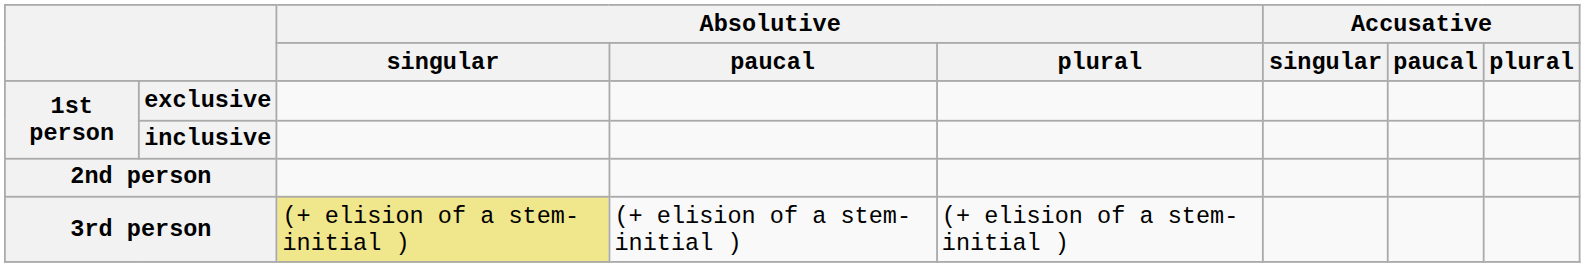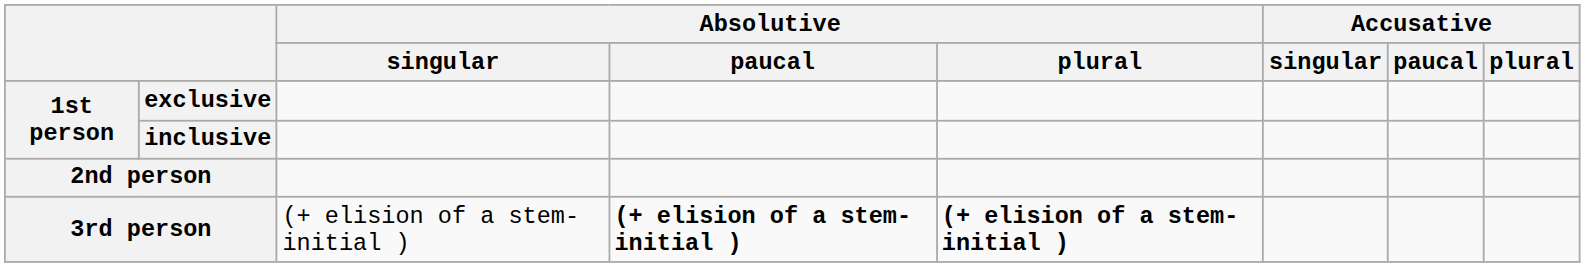 <table class="wikitable">
 <tr>
 <th rowspan="2" colspan="2"></th>
 <th colspan="3">Absolutive</th>
 <th colspan="3">Accusative</th>
 </tr>
 <tr>
 <th>singular</th>
 <th>paucal</th>
 <th>plural</th>
 <th>singular</th>
 <th>paucal</th>
 <th>plural</th>
 </tr>
 <tr>
 <th rowspan="2">1st person</th>
 <th>exclusive</th>
 <td></td>
 <td></td>
 <td></td>
 <td></td>
 <td></td>
 <td></td>
 </tr>
 <tr>
 <th>inclusive</th>
 <td></td>
 <td></td>
 <td></td>
 <td></td>
 <td></td>
 <td></td>
 </tr>
 <tr>
 <th colspan="2">2nd person</th>
 <td></td>
 <td></td>
 <td></td>
 <td></td>
 <td></td>
 <td></td>
 </tr>
 <tr>
 <th colspan="2">3rd person</th>
-<td style="background: khaki;"> (+ elision of a stem-initial )</td>
 <td> (+ elision of a stem-initial )</td>
-<td> (+ elision of a stem-initial )</td>
+<td><strong> (+ elision of a stem-initial )</strong></td>
+<td><strong> (+ elision of a stem-initial )</strong></td>
 <td></td>
 <td></td>
 <td></td>
 </tr>
 </table>
